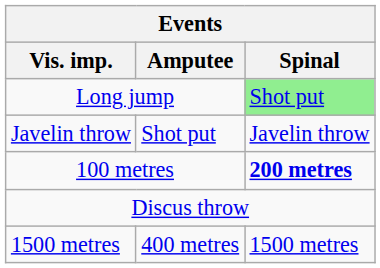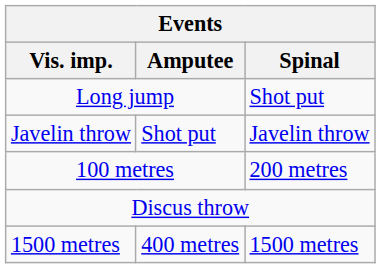 <table class="wikitable"  style="font-size:95%; float:right;">
 <tr>
 <th colspan=3>Events</th>
 </tr>
 <tr>
 <th>Vis. imp.</th>
 <th>Amputee</th>
 <th>Spinal</th>
 </tr>
 <tr>
 <td colspan="2" style="text-align:center;"><a href='#'>Long jump</a></td>
-<td style="background: lightgreen;"><a href='#'>Shot put</a></td>
+<td><a href='#'>Shot put</a></td>
 </tr>
 <tr>
 <td><a href='#'>Javelin throw</a></td>
 <td><a href='#'>Shot put</a></td>
 <td><a href='#'>Javelin throw</a></td>
 </tr>
 <tr>
 <td colspan="2" style="text-align:center;"><a href='#'>100 metres</a></td>
-<td><strong><a href='#'>200 metres</a></strong></td>
+<td><a href='#'>200 metres</a></td>
 </tr>
 <tr>
 <td colspan="3" style="text-align:center;"><a href='#'>Discus throw</a></td>
 </tr>
 <tr>
 <td><a href='#'>1500 metres</a></td>
 <td><a href='#'>400 metres</a></td>
 <td><a href='#'>1500 metres</a></td>
 </tr>
 </table>
